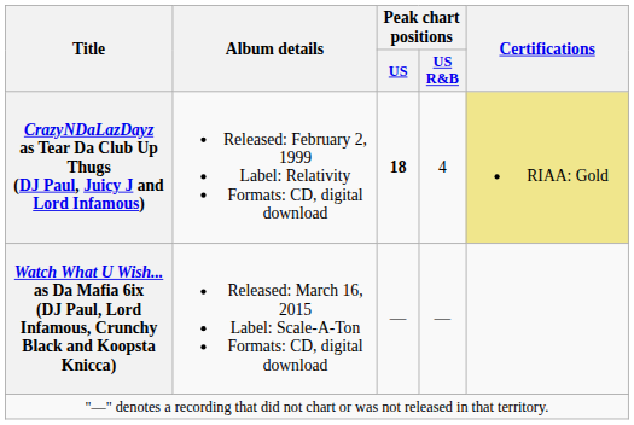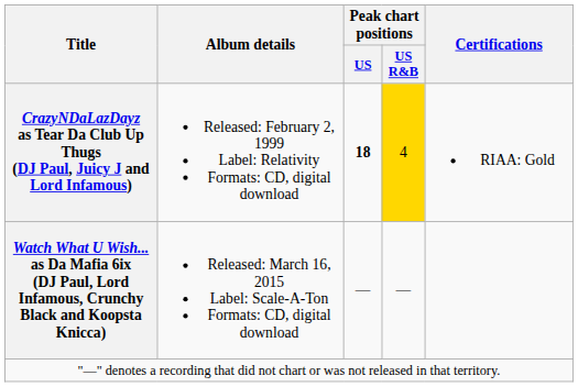 <table class="wikitable plainrowheaders" style="text-align:center;">
 <tr>
 <th scope="col" rowspan="2" style="width:11em;">Title</th>
 <th scope="col" rowspan="2" style="width:16em;">Album details</th>
 <th colspan="2" scope="col">Peak chart positions</th>
 <th scope="col" rowspan="2" style="width:12em;"><a href='#'>Certifications</a></th>
 </tr>
 <tr>
 <th scope="col" style="width:3em;font-size:90%;"><a href='#'>US</a><br></th>
 <th scope="col" style="width:3em;font-size:90%;"><a href='#'>US<br>R&B</a><br></th>
 </tr>
 <tr>
 <th scope="row"><em><a href='#'>CrazyNDaLazDayz</a></em><br><span> as Tear Da Club Up Thugs<br>(<a href='#'>DJ Paul</a>, <a href='#'>Juicy J</a> and <a href='#'>Lord Infamous</a>)</span></th>
 <td><br><ul><li>Released: February 2, 1999</li><li>Label: Relativity</li><li>Formats: CD, digital download</li></ul></td>
 <td><strong>18</strong></td>
-<td>4</td>
-<td style="background: khaki;"><br><ul><li>RIAA: Gold</li></ul></td>
+<td style="background: gold;">4</td>
+<td><br><ul><li>RIAA: Gold</li></ul></td>
 </tr>
 <tr>
 <th scope="row"><em><a href='#'>Watch What U Wish...</a></em><br><span> as Da Mafia 6ix<br>(DJ Paul, Lord Infamous, Crunchy Black and Koopsta Knicca)</span></th>
 <td><br><ul><li>Released: March 16, 2015</li><li>Label: Scale-A-Ton</li><li>Formats: CD, digital download</li></ul></td>
 <td>—</td>
 <td>—</td>
 <td></td>
 </tr>
 <tr>
 <td colspan="11" style="font-size:90%">"—" denotes a recording that did not chart or was not released in that territory.</td>
 </tr>
 </table>
